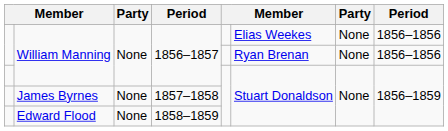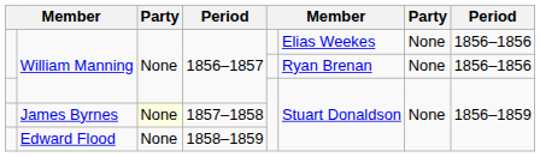 <table class="wikitable">
 <tr>
 <th colspan="2">Member</th>
 <th>Party</th>
 <th>Period</th>
 <th colspan="2">Member</th>
 <th>Party</th>
 <th>Period</th>
 </tr>
 <tr>
 <td rowspan="2" > </td>
 <td rowspan="3"><a href='#'>William Manning</a></td>
 <td rowspan="3">None</td>
 <td rowspan="3">1856–1857</td>
 <td> </td>
 <td><a href='#'>Elias Weekes</a></td>
 <td>None</td>
 <td>1856–1856</td>
 </tr>
 <tr>
 <td> </td>
 <td><a href='#'>Ryan Brenan</a></td>
 <td>None</td>
 <td>1856–1856</td>
 </tr>
 <tr>
 <td> </td>
 <td rowspan="3" > </td>
 <td rowspan="3"><a href='#'>Stuart Donaldson</a></td>
 <td rowspan="3">None</td>
 <td rowspan="3">1856–1859</td>
 </tr>
 <tr>
 <td> </td>
 <td><a href='#'>James Byrnes</a></td>
-<td>None</td>
+<td style="background: lightyellow;">None</td>
 <td>1857–1858</td>
 </tr>
 <tr>
 <td> </td>
 <td><a href='#'>Edward Flood</a></td>
 <td>None</td>
 <td>1858–1859</td>
 </tr>
 </table>
